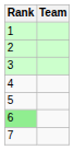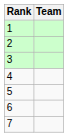 <table class="wikitable">
 <tr>
 <th>Rank</th>
 <th>Team</th>
 </tr>
 <tr bgcolor=#CCFFCC>
 <td>1</td>
 <td></td>
 </tr>
 <tr bgcolor=#CCFFCC>
 <td>2</td>
 <td></td>
 </tr>
 <tr bgcolor=#CCFFCC>
 <td>3</td>
 <td></td>
 </tr>
 <tr>
 <td>4</td>
 <td></td>
 </tr>
 <tr>
 <td>5</td>
 <td></td>
 </tr>
 <tr>
-<td style="background: lightgreen;">6</td>
+<td>6</td>
 <td></td>
 </tr>
 <tr>
 <td>7</td>
 <td></td>
 </tr>
 </table>
